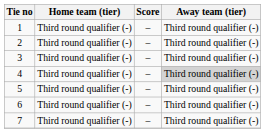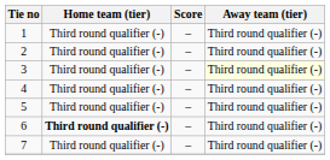 <table class="wikitable" style="text-align:center">
 <tr>
 <th>Tie no</th>
 <th>Home team (tier)</th>
 <th>Score</th>
 <th>Away team (tier)</th>
 </tr>
 <tr>
 <td>1</td>
 <td>Third round qualifier (-)</td>
 <td>–</td>
 <td>Third round qualifier (-)</td>
 </tr>
 <tr>
 <td>2</td>
 <td>Third round qualifier (-)</td>
 <td>–</td>
 <td>Third round qualifier (-)</td>
 </tr>
 <tr>
 <td>3</td>
 <td>Third round qualifier (-)</td>
 <td>–</td>
-<td>Third round qualifier (-)</td>
+<td style="background: lightyellow;">Third round qualifier (-)</td>
 </tr>
 <tr>
 <td>4</td>
 <td>Third round qualifier (-)</td>
 <td>–</td>
-<td style="background: lightgrey;">Third round qualifier (-)</td>
+<td>Third round qualifier (-)</td>
 </tr>
 <tr>
 <td>5</td>
 <td>Third round qualifier (-)</td>
 <td>–</td>
 <td>Third round qualifier (-)</td>
 </tr>
 <tr>
 <td>6</td>
-<td>Third round qualifier (-)</td>
+<td><strong>Third round qualifier (-)</strong></td>
 <td>–</td>
 <td>Third round qualifier (-)</td>
 </tr>
 <tr>
 <td>7</td>
 <td>Third round qualifier (-)</td>
 <td>–</td>
 <td>Third round qualifier (-)</td>
 </tr>
 <tr>
 </tr>
 </table>
